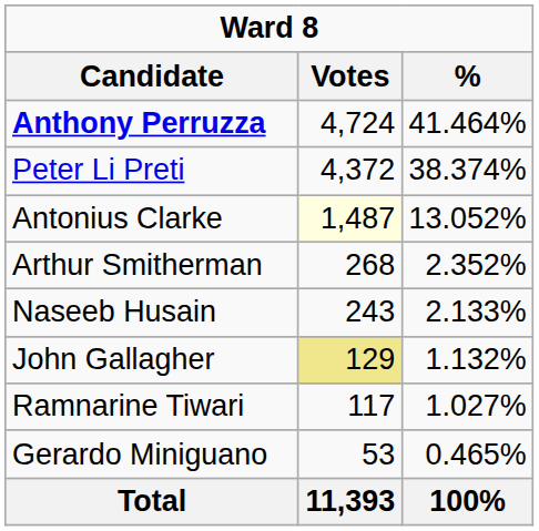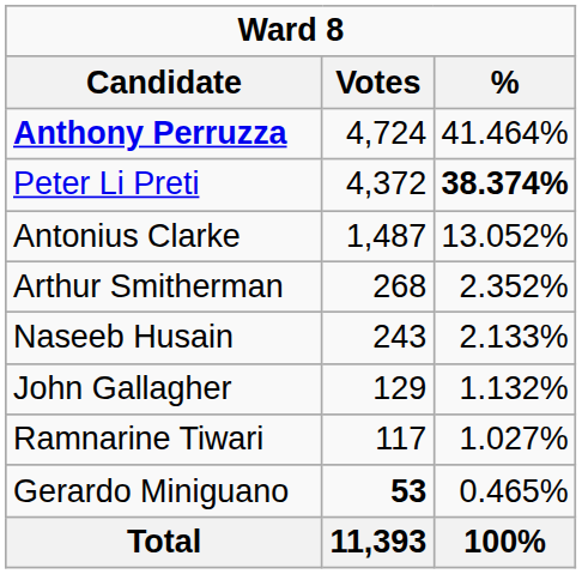 <table class="wikitable">
 <tr>
 <td Colspan="3" align="center"><strong>Ward 8</strong></td>
 </tr>
 <tr>
 <th bgcolor="#DDDDFF" width="150px">Candidate</th>
 <th bgcolor="#DDDDFF">Votes</th>
 <th bgcolor="#DDDDFF">%</th>
 </tr>
 <tr>
 <td><strong><a href='#'>Anthony Perruzza</a></strong></td>
 <td align=right>4,724</td>
 <td align=right>41.464%</td>
 </tr>
 <tr>
 <td><a href='#'>Peter Li Preti</a></td>
 <td align=right>4,372</td>
-<td align=right>38.374%</td>
+<td align=right><strong>38.374%</strong></td>
 </tr>
 <tr>
 <td>Antonius Clarke</td>
-<td align=right style="background: lightyellow;">1,487</td>
+<td align=right>1,487</td>
 <td align=right>13.052%</td>
 </tr>
 <tr>
 <td>Arthur Smitherman</td>
 <td align=right>268</td>
 <td align=right>2.352%</td>
 </tr>
 <tr>
 <td>Naseeb Husain</td>
 <td align=right>243</td>
 <td align=right>2.133%</td>
 </tr>
 <tr>
 <td>John Gallagher</td>
-<td align=right style="background: khaki;">129</td>
+<td align=right>129</td>
 <td align=right>1.132%</td>
 </tr>
 <tr>
 <td>Ramnarine Tiwari</td>
 <td align=right>117</td>
 <td align=right>1.027%</td>
 </tr>
 <tr>
 <td>Gerardo Miniguano</td>
-<td align=right>53</td>
+<td align=right><strong>53</strong></td>
 <td align=right>0.465%</td>
 </tr>
 <tr>
 <th>Total</th>
 <th align=right>11,393</th>
 <th align=right>100%</th>
 </tr>
 </table>
